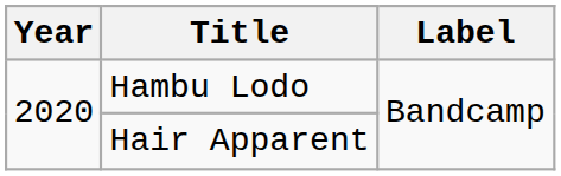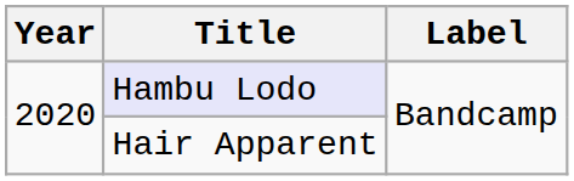 <table class="wikitable">
 <tr>
 <th>Year</th>
 <th>Title</th>
 <th>Label</th>
 </tr>
 <tr>
 <td rowspan="2">2020</td>
-<td>Hambu Lodo</td>
+<td style="background: lavender;">Hambu Lodo</td>
 <td rowspan="2">Bandcamp</td>
 </tr>
 <tr>
 <td>Hair Apparent</td>
 </tr>
 </table>
